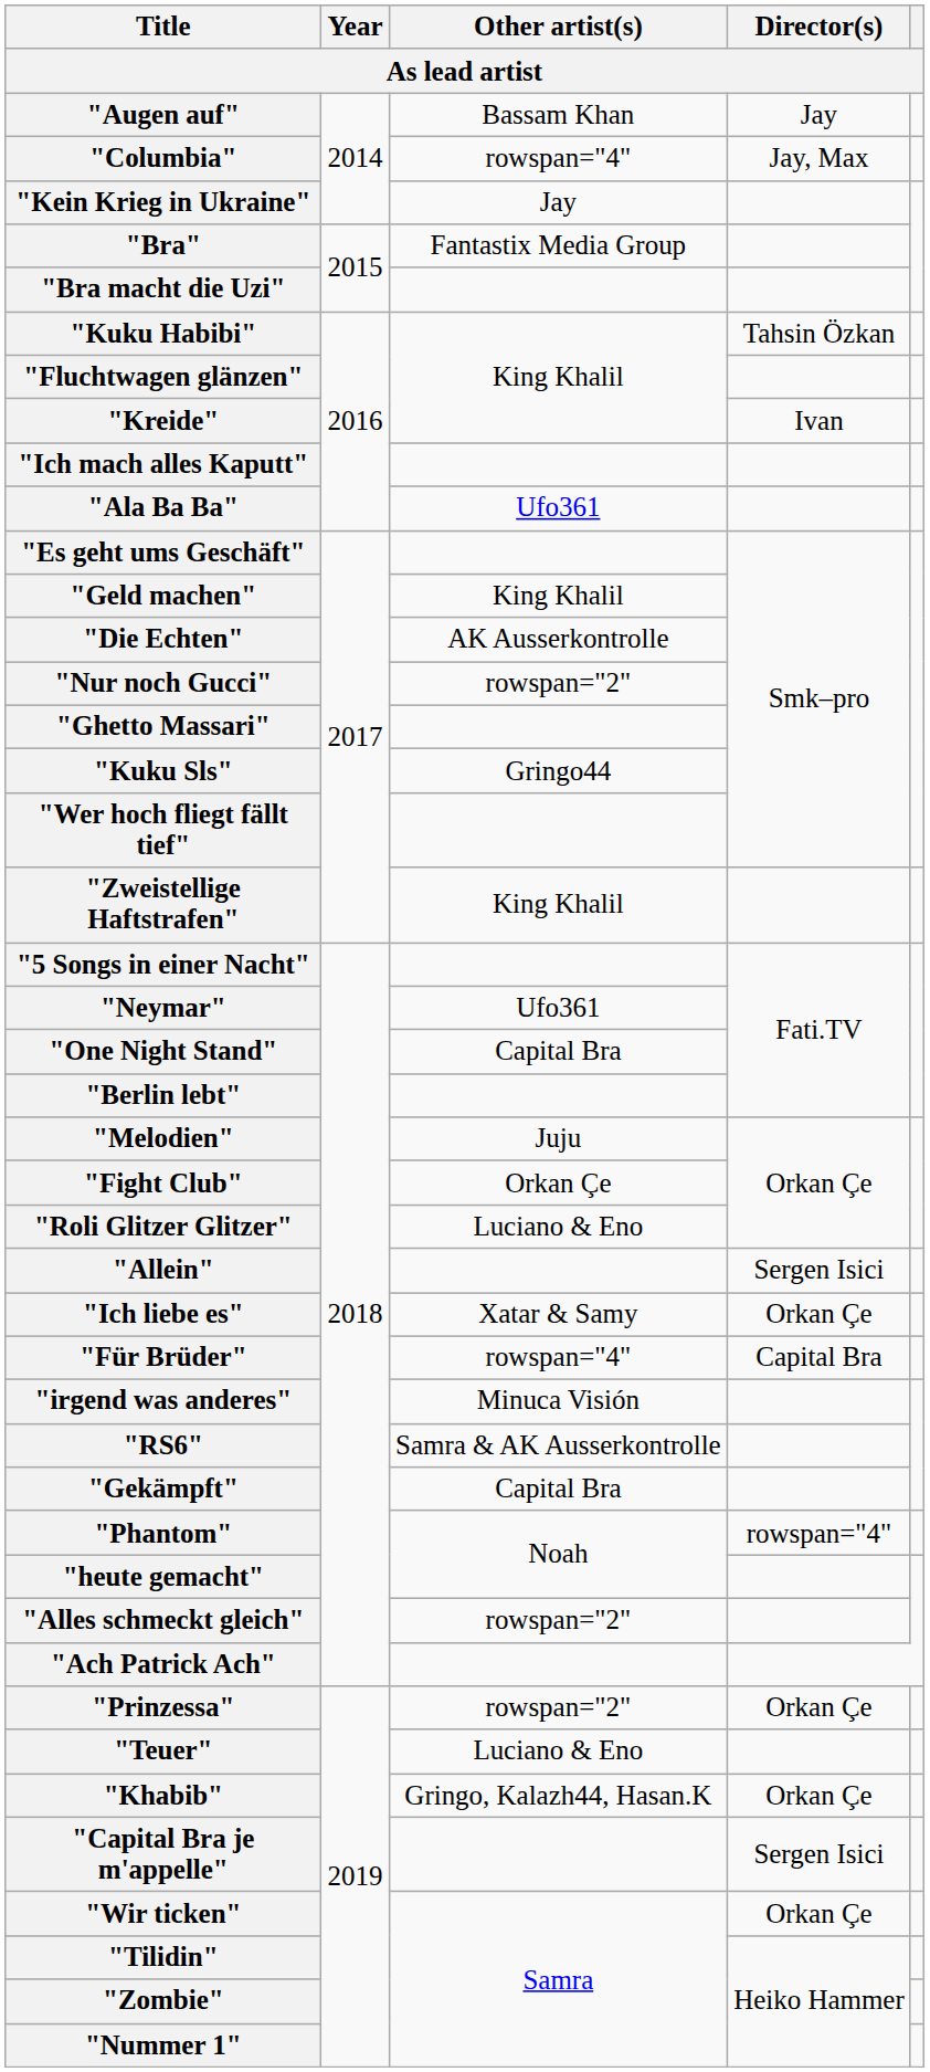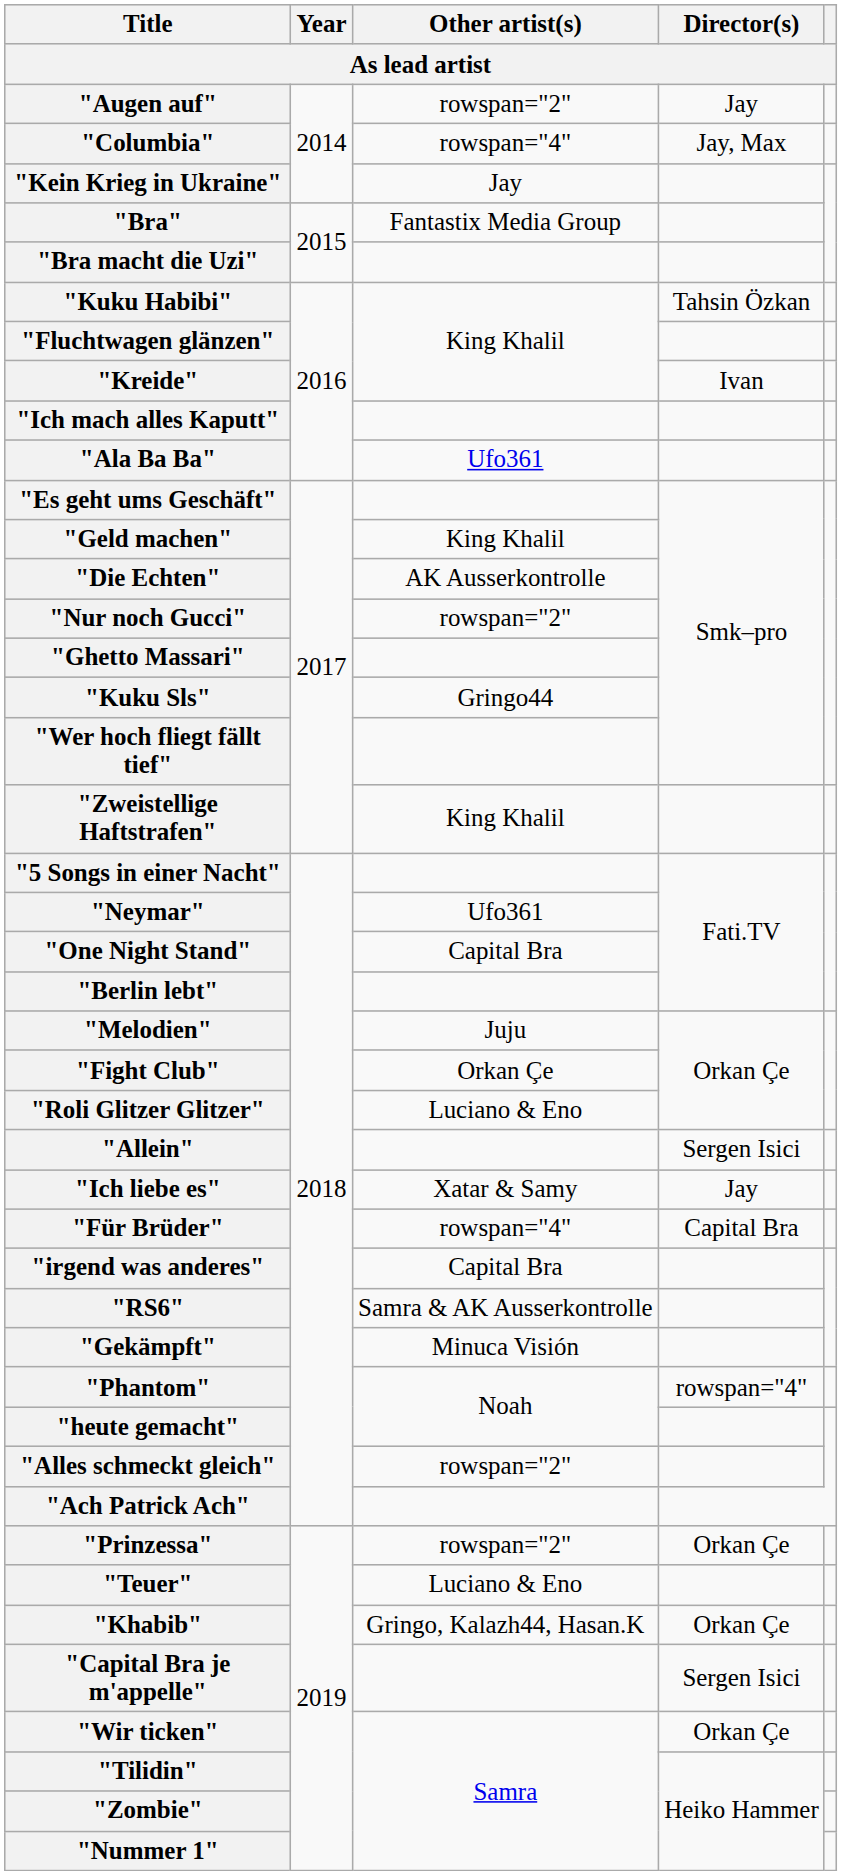 <table class="wikitable plainrowheaders" style="text-align:center;">
 <tr>
 <th scope="col" style="width:11em;">Title</th>
 <th scope="col">Year</th>
 <th scope="col">Other artist(s)</th>
 <th scope="col">Director(s)</th>
 <th scope="col"></th>
 </tr>
 <tr>
 <th scope="col" colspan="5">As lead artist</th>
 </tr>
 <tr>
 <th scope="row">"Augen auf"</th>
 <td rowspan="3">2014</td>
-<td>Bassam Khan</td>
+<td>rowspan="2" </td>
 <td>Jay</td>
 <td></td>
 </tr>
 <tr>
 <th scope="row">"Columbia"</th>
 <td>rowspan="4" </td>
 <td>Jay, Max</td>
 <td></td>
 </tr>
 <tr>
 <th scope="row">"Kein Krieg in Ukraine"</th>
 <td>Jay</td>
 <td></td>
 </tr>
 <tr>
 <th scope="row">"Bra"</th>
 <td rowspan="2">2015</td>
 <td>Fantastix Media Group</td>
 <td></td>
 </tr>
 <tr>
 <th scope="row">"Bra macht die Uzi"</th>
 <td></td>
 <td></td>
 </tr>
 <tr>
 <th scope="row">"Kuku Habibi"</th>
 <td rowspan="5">2016</td>
 <td rowspan="3">King Khalil</td>
 <td>Tahsin Özkan</td>
 <td></td>
 </tr>
 <tr>
 <th scope="row">"Fluchtwagen glänzen"</th>
 <td></td>
 <td></td>
 </tr>
 <tr>
 <th scope="row">"Kreide"</th>
 <td>Ivan</td>
 <td></td>
 </tr>
 <tr>
 <th scope="row">"Ich mach alles Kaputt"</th>
 <td></td>
 <td></td>
 <td></td>
 </tr>
 <tr>
 <th scope="row">"Ala Ba Ba"</th>
 <td><a href='#'>Ufo361</a></td>
 <td></td>
 <td></td>
 </tr>
 <tr>
 <th scope="row">"Es geht ums Geschäft"</th>
 <td rowspan="8">2017</td>
 <td></td>
 <td rowspan="7">Smk–pro</td>
 <td rowspan="7"></td>
 </tr>
 <tr>
 <th scope="row">"Geld machen"</th>
 <td>King Khalil</td>
 </tr>
 <tr>
 <th scope="row">"Die Echten"</th>
 <td>AK Ausserkontrolle</td>
 </tr>
 <tr>
 <th scope="row">"Nur noch Gucci"</th>
 <td>rowspan="2" </td>
 </tr>
 <tr>
 <th scope="row">"Ghetto Massari"</th>
 </tr>
 <tr>
 <th scope="row">"Kuku Sls"</th>
 <td>Gringo44</td>
 </tr>
 <tr>
 <th scope="row">"Wer hoch fliegt fällt tief"</th>
 <td></td>
 </tr>
 <tr>
 <th scope="row">"Zweistellige Haftstrafen"</th>
 <td>King Khalil</td>
 <td></td>
 <td></td>
 </tr>
 <tr>
 <th scope="row">"5 Songs in einer Nacht"</th>
 <td rowspan="17">2018</td>
 <td></td>
 <td rowspan="4">Fati.TV</td>
 <td rowspan="4"></td>
 </tr>
 <tr>
 <th scope="row">"Neymar"</th>
 <td>Ufo361</td>
 </tr>
 <tr>
 <th scope="row">"One Night Stand"</th>
 <td>Capital Bra</td>
 </tr>
 <tr>
 <th scope="row">"Berlin lebt"</th>
 </tr>
 <tr>
 <th scope="row">"Melodien"</th>
 <td>Juju</td>
 <td rowspan="3">Orkan Çe</td>
 <td rowspan="3"></td>
 </tr>
 <tr>
 <th scope="row">"Fight Club"</th>
 <td>Orkan Çe</td>
 </tr>
 <tr>
 <th scope="row">"Roli Glitzer Glitzer"</th>
 <td>Luciano & Eno</td>
 </tr>
 <tr>
 <th scope="row">"Allein"</th>
 <td></td>
 <td>Sergen Isici</td>
 <td></td>
 </tr>
 <tr>
 <th scope="row">"Ich liebe es"</th>
 <td>Xatar & Samy</td>
-<td>Orkan Çe</td>
+<td>Jay</td>
 <td></td>
 </tr>
 <tr>
 <th scope="row">"Für Brüder"</th>
 <td>rowspan="4" </td>
 <td>Capital Bra</td>
 <td></td>
 </tr>
 <tr>
 <th scope="row">"irgend was anderes"</th>
-<td>Minuca Visión</td>
+<td>Capital Bra</td>
 <td></td>
 </tr>
 <tr>
 <th scope="row">"RS6"</th>
 <td>Samra & AK Ausserkontrolle</td>
 <td></td>
 </tr>
 <tr>
 <th scope="row">"Gekämpft"</th>
-<td>Capital Bra</td>
+<td>Minuca Visión</td>
 <td></td>
 </tr>
 <tr>
 <th scope="row">"Phantom"</th>
 <td rowspan="2">Noah</td>
 <td>rowspan="4" </td>
 <td></td>
 </tr>
 <tr>
 <th scope="row">"heute gemacht"</th>
 <td></td>
 </tr>
 <tr>
 <th scope="row">"Alles schmeckt gleich"</th>
 <td>rowspan="2" </td>
 <td></td>
 </tr>
 <tr>
 <th scope="row">"Ach Patrick Ach"</th>
 <td></td>
 </tr>
 <tr>
 <th scope="row">"Prinzessa"</th>
 <td rowspan="8">2019</td>
 <td>rowspan="2" </td>
 <td>Orkan Çe</td>
 <td></td>
 </tr>
 <tr>
 <th scope="row">"Teuer"</th>
 <td>Luciano & Eno</td>
 <td></td>
 </tr>
 <tr>
 <th scope="row">"Khabib"</th>
 <td>Gringo, Kalazh44, Hasan.K</td>
 <td>Orkan Çe</td>
 <td></td>
 </tr>
 <tr>
 <th scope="row">"Capital Bra je m'appelle"</th>
 <td></td>
 <td>Sergen Isici</td>
 <td></td>
 </tr>
 <tr>
 <th scope="row">"Wir ticken"</th>
 <td rowspan="4"><a href='#'>Samra</a></td>
 <td>Orkan Çe</td>
 <td></td>
 </tr>
 <tr>
 <th scope="row">"Tilidin"</th>
 <td rowspan="3">Heiko Hammer</td>
 <td></td>
 </tr>
 <tr>
 <th scope="row">"Zombie"</th>
 <td></td>
 </tr>
 <tr>
 <th scope="row">"Nummer 1"</th>
 <td></td>
 </tr>
 </table>
